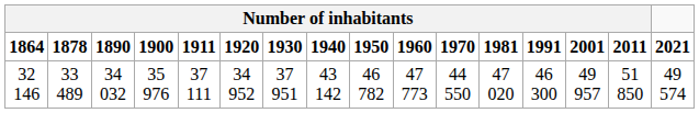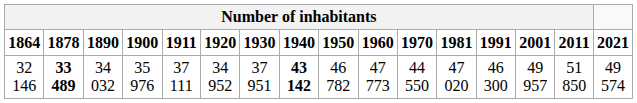 <table class="wikitable">
 <tr>
 <th colspan="15">Number of inhabitants </th>
 </tr>
 <tr bgcolor="white">
 <td align="center"><strong>1864</strong></td>
 <td align="center"><strong>1878</strong></td>
 <td align="center"><strong>1890</strong></td>
 <td align="center"><strong>1900</strong></td>
 <td align="center"><strong>1911</strong></td>
 <td align="center"><strong>1920</strong></td>
 <td align="center"><strong>1930</strong></td>
 <td align="center"><strong>1940</strong></td>
 <td align="center"><strong>1950</strong></td>
 <td align="center"><strong>1960</strong></td>
 <td align="center"><strong>1970</strong></td>
 <td align="center"><strong>1981</strong></td>
 <td align="center"><strong>1991</strong></td>
 <td align="center"><strong>2001</strong></td>
 <td align="center"><strong>2011</strong></td>
 <td align="center"><strong>2021</strong></td>
 </tr>
 <tr bgcolor="white">
 <td align="center">32 146</td>
-<td align="center">33 489</td>
+<td align="center"><strong>33 489</strong></td>
 <td align="center">34 032</td>
 <td align="center">35 976</td>
 <td align="center">37 111</td>
 <td align="center">34 952</td>
 <td align="center">37 951</td>
-<td align="center">43 142</td>
+<td align="center"><strong>43 142</strong></td>
 <td align="center">46 782</td>
 <td align="center">47 773</td>
 <td align="center">44 550</td>
 <td align="center">47 020</td>
 <td align="center">46 300</td>
 <td align="center">49 957</td>
 <td align="center">51 850</td>
 <td align="center">49 574</td>
 </tr>
 </table>
